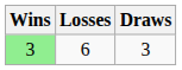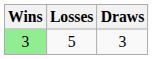 <table class="wikitable">
 <tr>
 <th>Wins</th>
 <th>Losses</th>
 <th>Draws</th>
 </tr>
 <tr>
 <td align="center" style="background: lightgreen;">3</td>
-<td align="center">6</td>
+<td align="center">5</td>
 <td align="center">3</td>
 </tr>
 </table>
